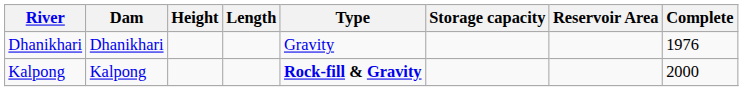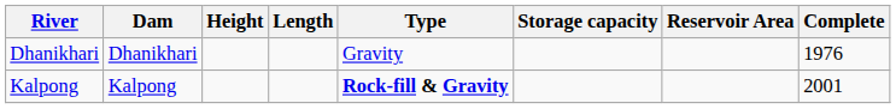 <table class="wikitable sortable" style="font-size: 95%;">
 <tr>
 <th><a href='#'>River</a></th>
 <th>Dam</th>
 <th>Height</th>
 <th>Length</th>
 <th>Type</th>
 <th>Storage capacity</th>
 <th>Reservoir Area</th>
 <th>Complete</th>
 </tr>
 <tr>
 <td><a href='#'>Dhanikhari</a></td>
 <td><a href='#'>Dhanikhari</a></td>
 <td></td>
 <td></td>
 <td><a href='#'>Gravity</a></td>
 <td></td>
 <td></td>
 <td>1976</td>
 </tr>
 <tr>
 <td><a href='#'>Kalpong</a></td>
 <td><a href='#'>Kalpong</a></td>
 <td></td>
 <td></td>
 <td><strong><a href='#'>Rock-fill</a> & <a href='#'>Gravity</a></strong></td>
 <td></td>
 <td></td>
-<td>2000</td>
+<td>2001</td>
 </tr>
 <tr>
 </tr>
 </table>
